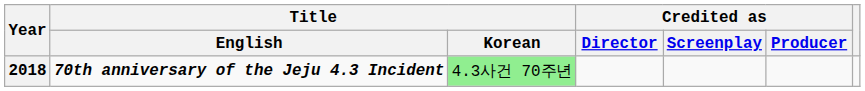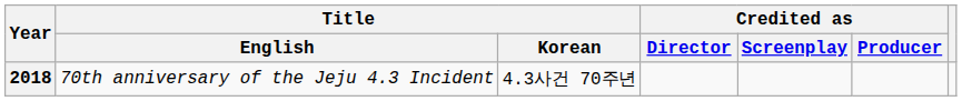 <table class="wikitable plainrowheaders">
 <tr>
 <th rowspan="2" scope="col">Year</th>
 <th colspan="2" scope="col">Title</th>
 <th colspan="3">Credited as</th>
 <th rowspan="2" scope="col" class="unsortable"></th>
 </tr>
 <tr>
 <th scope="col">English</th>
 <th scope="col">Korean</th>
 <th width="65" class="unsortable"><a href='#'>Director</a></th>
 <th width="65" class="unsortable"><a href='#'>Screenplay</a></th>
 <th width="65" class="unsortable"><a href='#'>Producer</a></th>
 </tr>
 <tr>
 <th scope="row">2018</th>
-<td><strong><em>70th anniversary of the Jeju 4.3 Incident</em></strong></td>
-<td style="background: lightgreen;">4.3사건 70주년</td>
+<td><em>70th anniversary of the Jeju 4.3 Incident</em></td>
+<td>4.3사건 70주년</td>
 <td></td>
 <td></td>
 <td></td>
 <td style="text-align:center;"></td>
 </tr>
 </table>
